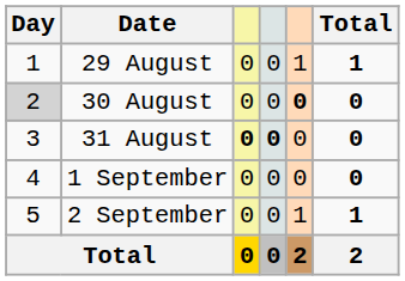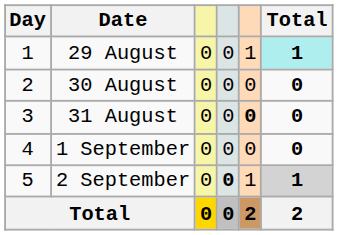 <table class=wikitable style="font-size:85%; float:right; text-align:center">
 <tr>
 <th>Day</th>
 <th>Date</th>
 <td bgcolor=F7F6A8></td>
 <td bgcolor=DCE5E5></td>
 <td bgcolor=FFDAB9></td>
 <th>Total</th>
 </tr>
 <tr>
 <td>1</td>
 <td>29 August</td>
 <td bgcolor=F7F6A8>0</td>
 <td bgcolor=DCE5E5>0</td>
 <td bgcolor=FFDAB9>1</td>
-<td><strong>1</strong></td>
+<td style="background: paleturquoise;"><strong>1</strong></td>
 </tr>
 <tr>
-<td style="background: lightgrey;">2</td>
+<td>2</td>
 <td>30 August</td>
 <td bgcolor=F7F6A8>0</td>
 <td bgcolor=DCE5E5>0</td>
-<td bgcolor=FFDAB9><strong>0</strong></td>
+<td bgcolor=FFDAB9>0</td>
 <td><strong>0</strong></td>
 </tr>
 <tr>
 <td>3</td>
 <td>31 August</td>
-<td bgcolor=F7F6A8><strong>0</strong></td>
-<td bgcolor=DCE5E5><strong>0</strong></td>
-<td bgcolor=FFDAB9>0</td>
+<td bgcolor=F7F6A8>0</td>
+<td bgcolor=DCE5E5>0</td>
+<td bgcolor=FFDAB9><strong>0</strong></td>
 <td><strong>0</strong></td>
 </tr>
 <tr>
 <td>4</td>
 <td>1 September</td>
 <td bgcolor=F7F6A8>0</td>
 <td bgcolor=DCE5E5>0</td>
 <td bgcolor=FFDAB9>0</td>
 <td><strong>0</strong></td>
 </tr>
 <tr>
 <td>5</td>
 <td>2 September</td>
 <td bgcolor=F7F6A8>0</td>
-<td bgcolor=DCE5E5>0</td>
+<td bgcolor=DCE5E5><strong>0</strong></td>
 <td bgcolor=FFDAB9>1</td>
-<td><strong>1</strong></td>
+<td style="background: lightgrey;"><strong>1</strong></td>
 </tr>
 <tr>
 <th colspan=2>Total</th>
 <th style=background:gold>0</th>
 <th style=background:silver>0</th>
 <th style=background:#c96>2</th>
 <th>2</th>
 </tr>
 </table>
